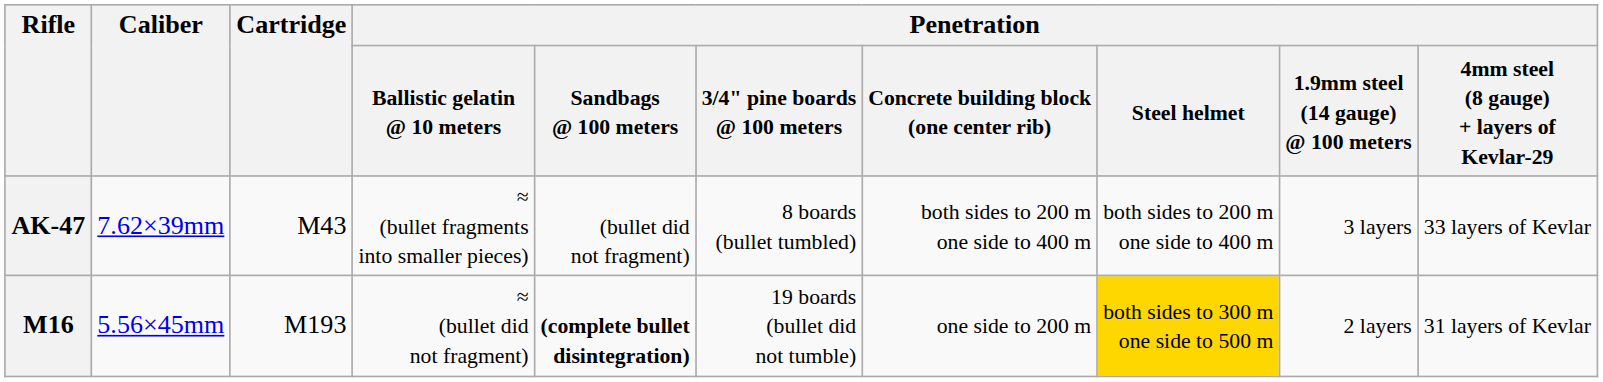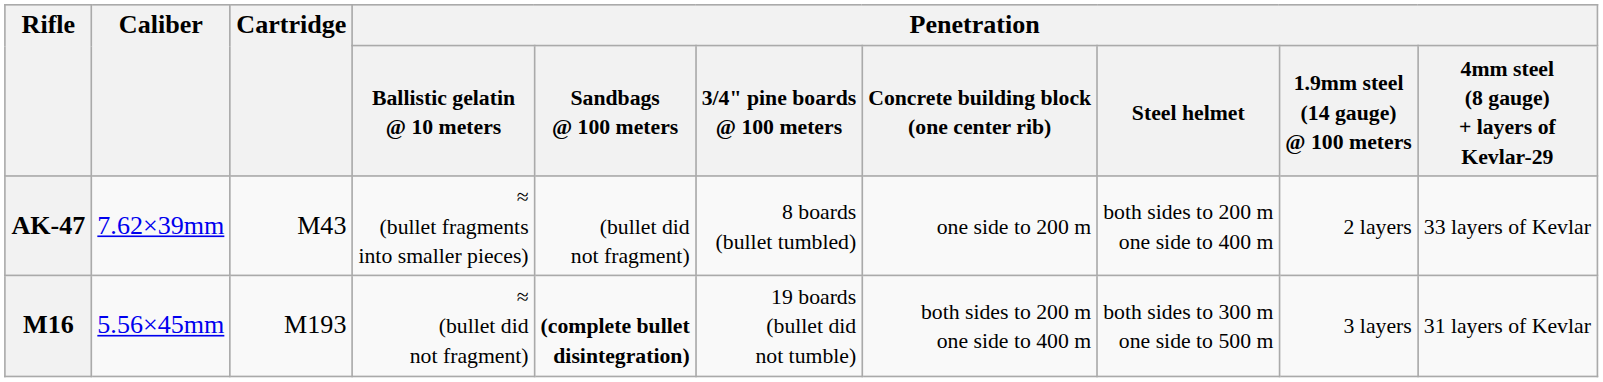 <table class="wikitable" style="margin: 1em auto; text-align:right;">
 <tr valign="top">
 <th rowspan=2>Rifle</th>
 <th rowspan=2>Caliber</th>
 <th rowspan=2>Cartridge</th>
 <th colspan=7>Penetration</th>
 </tr>
 <tr>
 <th><small>Ballistic gelatin<br>@ 10 meters</small></th>
 <th><small>Sandbags<br>@ 100 meters</small></th>
 <th><small>3/4" pine boards<br>@ 100 meters</small></th>
 <th><small>Concrete building block<br>(one center rib)</small></th>
 <th><small>Steel helmet</small></th>
 <th><small>1.9mm steel<br>(14 gauge)<br>@ 100 meters</small></th>
 <th><small>4mm steel<br>(8 gauge)<br>+ layers of<br>Kevlar-29</small></th>
 </tr>
 <tr>
 <th>AK-47</th>
 <td><a href='#'>7.62×39mm</a></td>
 <td>M43</td>
 <td><small>≈<br>(bullet fragments<br>into smaller pieces)<br></small></td>
 <td><small><br>(bullet did<br>not fragment)<br></small></td>
 <td><small>8 boards<br>(bullet tumbled)<br></small></td>
+<td><small>one side to 200 m<br></small></td>
 <td><small>both sides to 200 m<br>one side to 400 m<br></small></td>
-<td><small>both sides to 200 m<br>one side to 400 m<br></small></td>
-<td><small>3 layers<br></small></td>
+<td><small>2 layers<br></small></td>
 <td><small>33 layers of Kevlar<br></small></td>
 </tr>
 <tr>
 <th>M16</th>
 <td><a href='#'>5.56×45mm</a></td>
 <td>M193</td>
 <td><small>≈<br>(bullet did<br>not fragment)<br></small></td>
 <td><strong><small><br>(complete bullet<br>disintegration)<br></small></strong></td>
 <td><small>19 boards<br>(bullet did<br>not tumble)<br></small></td>
-<td><small>one side to 200 m<br></small></td>
-<td style="background: gold;"><small>both sides to 300 m<br>one side to 500 m<br></small></td>
-<td><small>2 layers<br></small></td>
+<td><small>both sides to 200 m<br>one side to 400 m<br></small></td>
+<td><small>both sides to 300 m<br>one side to 500 m<br></small></td>
+<td><small>3 layers<br></small></td>
 <td><small>31 layers of Kevlar<br></small></td>
 </tr>
 </table>
